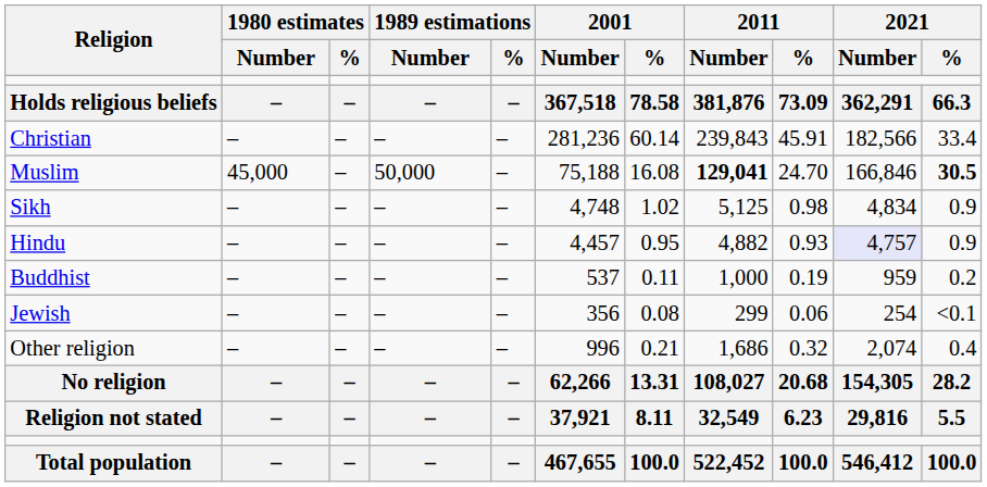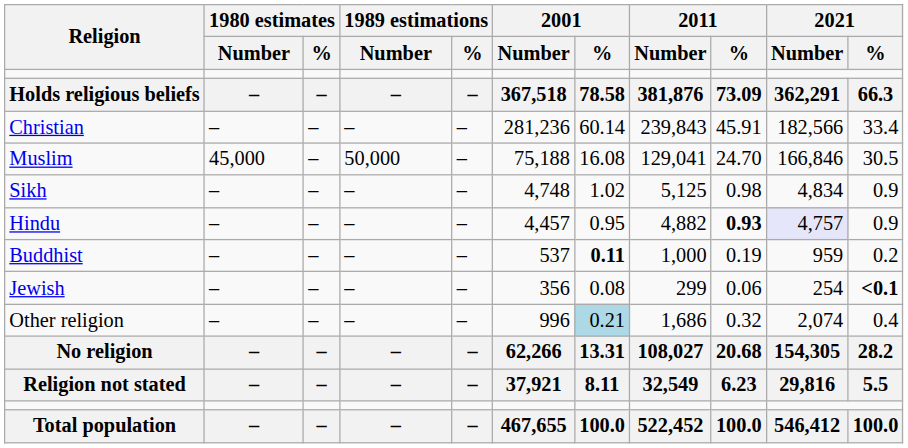 <table class="wikitable sortable mw-collapsible">
 <tr>
 <th rowspan="2">Religion</th>
 <th colspan="2">1980 estimates</th>
 <th colspan="2">1989 estimations</th>
 <th colspan="2">2001</th>
 <th colspan="2">2011</th>
 <th colspan="2">2021</th>
 </tr>
 <tr>
 <th>Number</th>
 <th>%</th>
 <th>Number</th>
 <th>%</th>
 <th>Number</th>
 <th>%</th>
 <th>Number</th>
 <th>%</th>
 <th>Number</th>
 <th>%</th>
 </tr>
 <tr>
 <td></td>
 <td></td>
 <td></td>
 <td></td>
 <td></td>
 <td></td>
 <td></td>
 <td></td>
 <td></td>
 </tr>
 <tr>
 <th>Holds religious beliefs</th>
 <th>–</th>
 <th>–</th>
 <th>–</th>
 <th>–</th>
 <th>367,518</th>
 <th>78.58</th>
 <th>381,876</th>
 <th>73.09</th>
 <th>362,291</th>
 <th>66.3</th>
 </tr>
 <tr>
 <td> <a href='#'>Christian</a></td>
 <td>–</td>
 <td>–</td>
 <td>–</td>
 <td>–</td>
 <td align="right">281,236</td>
 <td align="right">60.14</td>
 <td align="right">239,843</td>
 <td align="right">45.91</td>
 <td align="right">182,566</td>
 <td align="right">33.4</td>
 </tr>
 <tr>
 <td> <a href='#'>Muslim</a></td>
 <td>45,000</td>
 <td>–</td>
 <td>50,000</td>
 <td>–</td>
 <td align="right">75,188</td>
 <td align="right">16.08</td>
-<td align="right"><strong>129,041</strong></td>
+<td align="right">129,041</td>
 <td align="right">24.70</td>
 <td align="right">166,846</td>
-<td align="right"><strong>30.5</strong></td>
+<td align="right">30.5</td>
 </tr>
 <tr>
 <td> <a href='#'>Sikh</a></td>
 <td>–</td>
 <td>–</td>
 <td>–</td>
 <td>–</td>
 <td align="right">4,748</td>
 <td align="right">1.02</td>
 <td align="right">5,125</td>
 <td align="right">0.98</td>
 <td align="right">4,834</td>
 <td align="right">0.9</td>
 </tr>
 <tr>
 <td> <a href='#'>Hindu</a></td>
 <td>–</td>
 <td>–</td>
 <td>–</td>
 <td>–</td>
 <td align="right">4,457</td>
 <td align="right">0.95</td>
 <td align="right">4,882</td>
-<td align="right">0.93</td>
+<td align="right"><strong>0.93</strong></td>
 <td align="right" style="background: lavender;">4,757</td>
 <td align="right">0.9</td>
 </tr>
 <tr>
 <td> <a href='#'>Buddhist</a></td>
 <td>–</td>
 <td>–</td>
 <td>–</td>
 <td>–</td>
 <td align="right">537</td>
-<td align="right">0.11</td>
+<td align="right"><strong>0.11</strong></td>
 <td align="right">1,000</td>
 <td align="right">0.19</td>
 <td align="right">959</td>
 <td align="right">0.2</td>
 </tr>
 <tr>
 <td> <a href='#'>Jewish</a></td>
 <td>–</td>
 <td>–</td>
 <td>–</td>
 <td>–</td>
 <td align="right">356</td>
 <td align="right">0.08</td>
 <td align="right">299</td>
 <td align="right">0.06</td>
 <td align="right">254</td>
-<td align="right"><0.1</td>
+<td align="right"><strong><0.1</strong></td>
 </tr>
 <tr>
 <td>Other religion</td>
 <td>–</td>
 <td>–</td>
 <td>–</td>
 <td>–</td>
 <td align="right">996</td>
-<td align="right">0.21</td>
+<td align="right" style="background: lightblue;">0.21</td>
 <td align="right">1,686</td>
 <td align="right">0.32</td>
 <td align="right">2,074</td>
 <td align="right">0.4</td>
 </tr>
 <tr>
 <th>No religion</th>
 <th>–</th>
 <th>–</th>
 <th>–</th>
 <th>–</th>
 <th align="right">62,266</th>
 <th align="right">13.31</th>
 <th align="right">108,027</th>
 <th align="right">20.68</th>
 <th align="right">154,305</th>
 <th align="right">28.2</th>
 </tr>
 <tr>
 <th>Religion not stated</th>
 <th>–</th>
 <th>–</th>
 <th>–</th>
 <th>–</th>
 <th align="right">37,921</th>
 <th align="right">8.11</th>
 <th align="right">32,549</th>
 <th align="right">6.23</th>
 <th align="right">29,816</th>
 <th align="right">5.5</th>
 </tr>
 <tr>
 <td></td>
 <td></td>
 <td></td>
 <td></td>
 <td></td>
 <td></td>
 <td></td>
 <td></td>
 <td></td>
 </tr>
 <tr>
 <th>Total population</th>
 <th>–</th>
 <th>–</th>
 <th>–</th>
 <th>–</th>
 <th align="right">467,655</th>
 <th align="right">100.0</th>
 <th align="right">522,452</th>
 <th align="right">100.0</th>
 <th align="right">546,412</th>
 <th align="right">100.0</th>
 </tr>
 </table>
